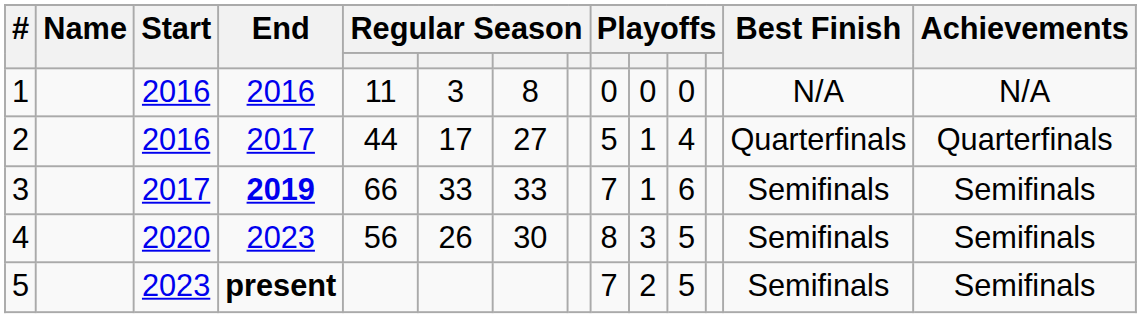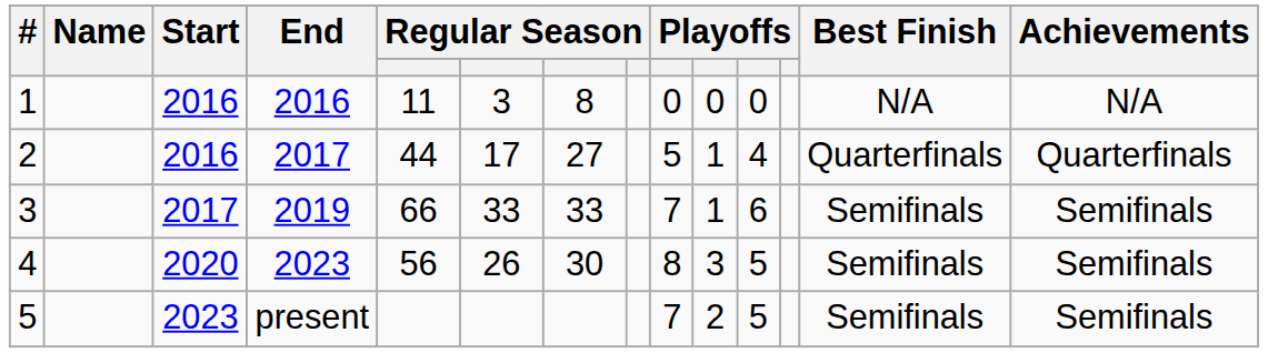 <table class="wikitable plainrowheaders sortable" style="clear:both; margin:1.5em auto; text-align:center;" style="clear:both; margin:1.5em auto; text-align:center;" summary="# (sortable), Name (sortable), Term (sortable), Regular season games coached (sortable), Regular season wins (sortable), Regular season losses (sortable), Regular season winning percentage (sortable), Playoffs games coached (sortable), Playoffs wins (sortable), Playoffs losses (sortable), Playoffs winning percentage (sortable), Achievements and Reference">
 <tr>
 </tr>
 <tr valign="top">
 <th scope="col" rowspan="2">#</th>
 <th scope="col" rowspan="2">Name</th>
 <th scope="col" rowspan="2">Start</th>
 <th scope="col" rowspan="2">End</th>
 <th class="unsortable" scope="col" colspan="4">Regular Season</th>
 <th class="unsortable" scope="col" colspan="4">Playoffs</th>
 <th scope="col" rowspan="2">Best Finish</th>
 <th scope="col" rowspan="2" class=unsortable>Achievements</th>
 </tr>
 <tr>
 <th scope="col"></th>
 <th scope="col"></th>
 <th scope="col"></th>
 <th scope="col"></th>
 <th scope="col"></th>
 <th scope="col"></th>
 <th scope="col"></th>
 <th scope="col"></th>
 </tr>
 <tr>
 <td align=center>1</td>
 <th scope="row" style="background-color:transparent;"></th>
 <td><a href='#'>2016</a></td>
 <td><a href='#'>2016</a></td>
 <td>11</td>
 <td>3</td>
 <td>8</td>
 <td></td>
 <td>0</td>
 <td>0</td>
 <td>0</td>
 <td></td>
 <td>N/A</td>
 <td>N/A</td>
 </tr>
 <tr>
 <td align=center>2</td>
 <th scope="row" style="background-color:transparent;"></th>
 <td><a href='#'>2016</a></td>
 <td><a href='#'>2017</a></td>
 <td>44</td>
 <td>17</td>
 <td>27</td>
 <td></td>
 <td>5</td>
 <td>1</td>
 <td>4</td>
 <td></td>
 <td>Quarterfinals</td>
 <td>Quarterfinals</td>
 </tr>
 <tr>
 <td align=center>3</td>
 <th scope="row" style="background-color:transparent;"></th>
 <td><a href='#'>2017</a></td>
-<td><strong><a href='#'>2019</a></strong></td>
+<td><a href='#'>2019</a></td>
 <td>66</td>
 <td>33</td>
 <td>33</td>
 <td></td>
 <td>7</td>
 <td>1</td>
 <td>6</td>
 <td></td>
 <td>Semifinals</td>
 <td>Semifinals</td>
 </tr>
 <tr>
 <td align=center>4</td>
 <th scope="row" style="background-color:transparent;"></th>
 <td><a href='#'>2020</a></td>
 <td><a href='#'>2023</a></td>
 <td>56</td>
 <td>26</td>
 <td>30</td>
 <td></td>
 <td>8</td>
 <td>3</td>
 <td>5</td>
 <td></td>
 <td>Semifinals</td>
 <td>Semifinals</td>
 </tr>
 <tr>
 <td align=center>5</td>
 <th scope="row" style="background-color:transparent;"></th>
 <td><a href='#'>2023</a></td>
-<td><strong>present</strong></td>
+<td>present</td>
 <td></td>
 <td></td>
 <td></td>
 <td></td>
 <td>7</td>
 <td>2</td>
 <td>5</td>
 <td></td>
 <td>Semifinals</td>
 <td>Semifinals</td>
 </tr>
 </table>
